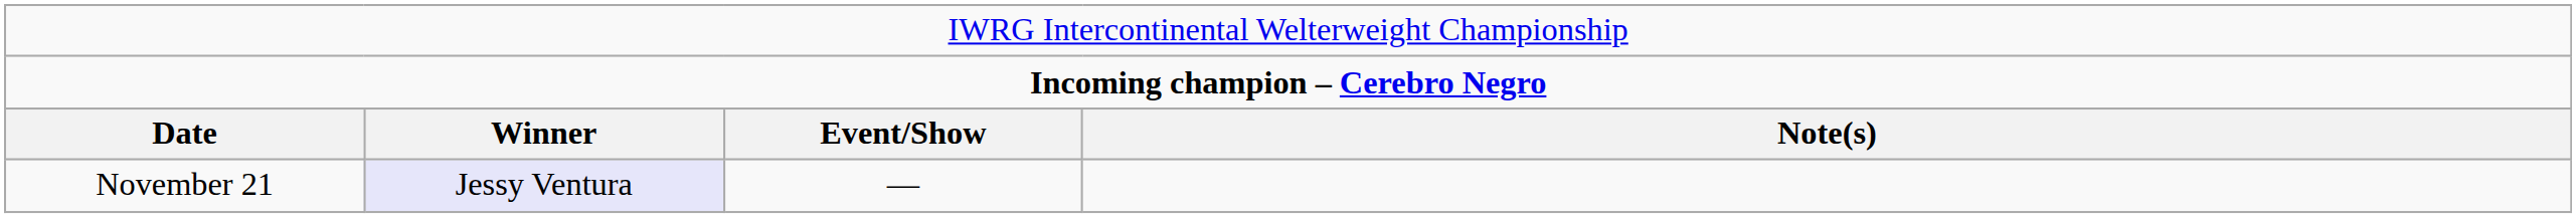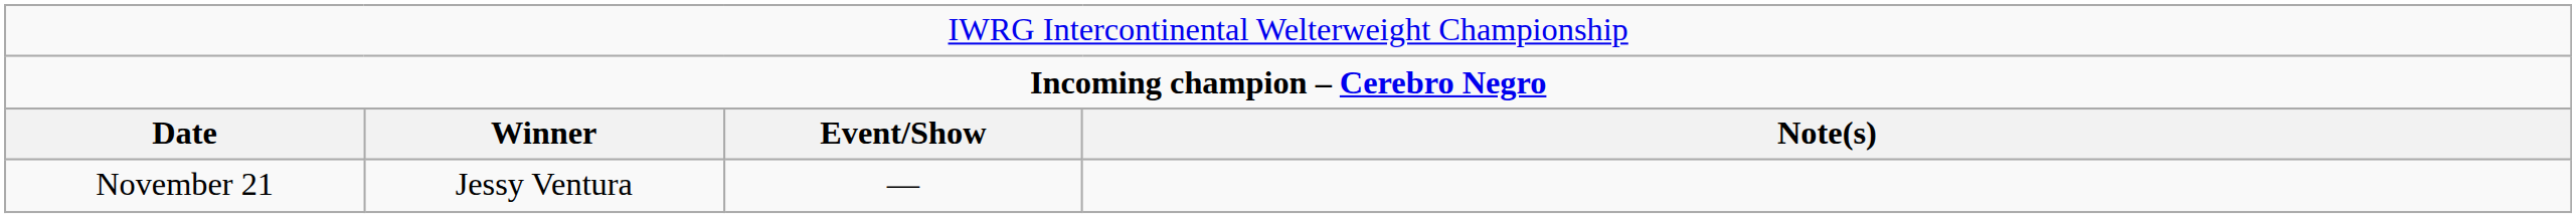 <table class="wikitable" style="text-align:center; width:100%;">
 <tr>
 <td colspan="4" style="text-align: center;"><a href='#'>IWRG Intercontinental Welterweight Championship</a></td>
 </tr>
 <tr>
 <td colspan="4" style="text-align: center;"><strong>Incoming champion – <a href='#'>Cerebro Negro</a></strong></td>
 </tr>
 <tr>
 <th width=14%>Date</th>
 <th width=14%>Winner</th>
 <th width=14%>Event/Show</th>
 <th width=58%>Note(s)</th>
 </tr>
 <tr>
 <td>November 21</td>
-<td style="background: lavender;">Jessy Ventura</td>
+<td>Jessy Ventura</td>
 <td>—</td>
 <td></td>
 </tr>
 </table>
